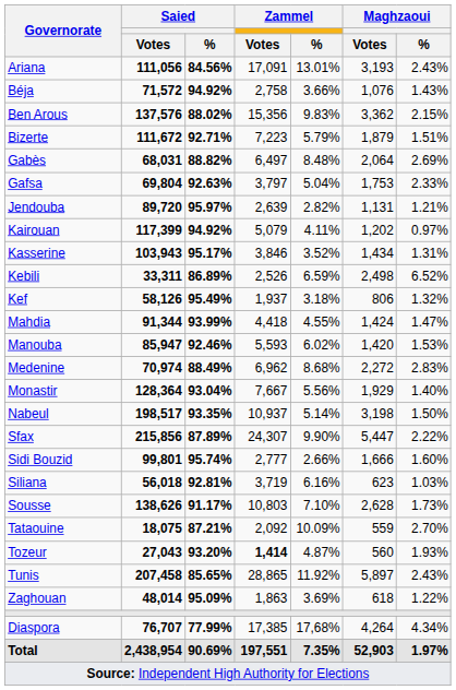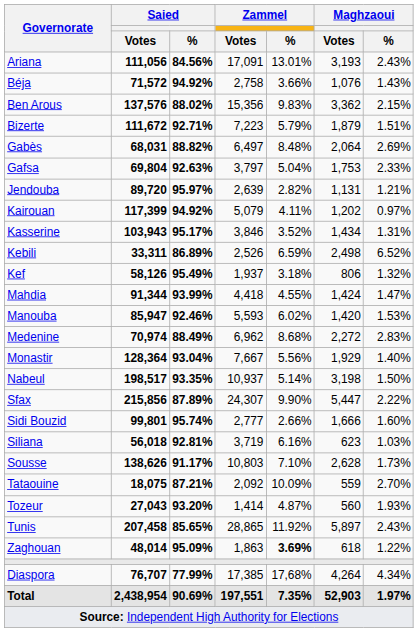 <table class="wikitable sortable" style="text-align:right; font-size:95%; line-height:20px">
 <tr>
 <th width="130" rowspan="3"><a href='#'>Governorate</a></th>
 <th width="120" colspan="2"><a href='#'>Saied</a></th>
 <th width="120" colspan="2"><a href='#'>Zammel</a></th>
 <th width="120" colspan="2"><a href='#'>Maghzaoui</a></th>
 </tr>
 <tr>
 <th colspan="2" style="background:"></th>
 <th colspan="2" style="background:#F8B415;"></th>
 <th colspan="2" style="background:"></th>
 </tr>
 <tr>
 <th>Votes</th>
 <th>%</th>
 <th>Votes</th>
 <th>%</th>
 <th>Votes</th>
 <th>%</th>
 </tr>
 <tr>
 <td style="text-align:left"><a href='#'>Ariana</a></td>
 <td><strong>111,056</strong></td>
 <td><strong>84.56%</strong></td>
 <td>17,091</td>
 <td>13.01%</td>
 <td>3,193</td>
 <td>2.43%</td>
 </tr>
 <tr>
 <td style="text-align:left"><a href='#'>Béja</a></td>
 <td><strong>71,572</strong></td>
 <td><strong>94.92%</strong></td>
 <td>2,758</td>
 <td>3.66%</td>
 <td>1,076</td>
 <td>1.43%</td>
 </tr>
 <tr>
 <td style="text-align:left"><a href='#'>Ben Arous</a></td>
 <td><strong>137,576</strong></td>
 <td><strong>88.02%</strong></td>
 <td>15,356</td>
 <td>9.83%</td>
 <td>3,362</td>
 <td>2.15%</td>
 </tr>
 <tr>
 <td style="text-align:left"><a href='#'>Bizerte</a></td>
 <td><strong>111,672</strong></td>
 <td><strong>92.71%</strong></td>
 <td>7,223</td>
 <td>5.79%</td>
 <td>1,879</td>
 <td>1.51%</td>
 </tr>
 <tr>
 <td style="text-align:left"><a href='#'>Gabès</a></td>
 <td><strong>68,031</strong></td>
 <td><strong>88.82%</strong></td>
 <td>6,497</td>
 <td>8.48%</td>
 <td>2,064</td>
 <td>2.69%</td>
 </tr>
 <tr>
 <td style="text-align:left"><a href='#'>Gafsa</a></td>
 <td><strong>69,804</strong></td>
 <td><strong>92.63%</strong></td>
 <td>3,797</td>
 <td>5.04%</td>
 <td>1,753</td>
 <td>2.33%</td>
 </tr>
 <tr>
 <td style="text-align:left"><a href='#'>Jendouba</a></td>
 <td><strong>89,720</strong></td>
 <td><strong>95.97%</strong></td>
 <td>2,639</td>
 <td>2.82%</td>
 <td>1,131</td>
 <td>1.21%</td>
 </tr>
 <tr>
 <td style="text-align:left"><a href='#'>Kairouan</a></td>
 <td><strong>117,399</strong></td>
 <td><strong>94.92%</strong></td>
 <td>5,079</td>
 <td>4.11%</td>
 <td>1,202</td>
 <td>0.97%</td>
 </tr>
 <tr>
 <td style="text-align:left"><a href='#'>Kasserine</a></td>
 <td><strong>103,943</strong></td>
 <td><strong>95.17%</strong></td>
 <td>3,846</td>
 <td>3.52%</td>
 <td>1,434</td>
 <td>1.31%</td>
 </tr>
 <tr>
 <td style="text-align:left"><a href='#'>Kebili</a></td>
 <td><strong>33,311</strong></td>
 <td><strong>86.89%</strong></td>
 <td>2,526</td>
 <td>6.59%</td>
 <td>2,498</td>
 <td>6.52%</td>
 </tr>
 <tr>
 <td style="text-align:left"><a href='#'>Kef</a></td>
 <td><strong>58,126</strong></td>
 <td><strong>95.49%</strong></td>
 <td>1,937</td>
 <td>3.18%</td>
 <td>806</td>
 <td>1.32%</td>
 </tr>
 <tr>
 <td style="text-align:left"><a href='#'>Mahdia</a></td>
 <td><strong>91,344</strong></td>
 <td><strong>93.99%</strong></td>
 <td>4,418</td>
 <td>4.55%</td>
 <td>1,424</td>
 <td>1.47%</td>
 </tr>
 <tr>
 <td style="text-align:left"><a href='#'>Manouba</a></td>
 <td><strong>85,947</strong></td>
 <td><strong>92.46%</strong></td>
 <td>5,593</td>
 <td>6.02%</td>
 <td>1,420</td>
 <td>1.53%</td>
 </tr>
 <tr>
 <td style="text-align:left"><a href='#'>Medenine</a></td>
 <td><strong>70,974</strong></td>
 <td><strong>88.49%</strong></td>
 <td>6,962</td>
 <td>8.68%</td>
 <td>2,272</td>
 <td>2.83%</td>
 </tr>
 <tr>
 <td style="text-align:left"><a href='#'>Monastir</a></td>
 <td><strong>128,364</strong></td>
 <td><strong>93.04%</strong></td>
 <td>7,667</td>
 <td>5.56%</td>
 <td>1,929</td>
 <td>1.40%</td>
 </tr>
 <tr>
 <td style="text-align:left"><a href='#'>Nabeul</a></td>
 <td><strong>198,517</strong></td>
 <td><strong>93.35%</strong></td>
 <td>10,937</td>
 <td>5.14%</td>
 <td>3,198</td>
 <td>1.50%</td>
 </tr>
 <tr>
 <td style="text-align:left"><a href='#'>Sfax</a></td>
 <td><strong>215,856</strong></td>
 <td><strong>87.89%</strong></td>
 <td>24,307</td>
 <td>9.90%</td>
 <td>5,447</td>
 <td>2.22%</td>
 </tr>
 <tr>
 <td style="text-align:left"><a href='#'>Sidi Bouzid</a></td>
 <td><strong>99,801</strong></td>
 <td><strong>95.74%</strong></td>
 <td>2,777</td>
 <td>2.66%</td>
 <td>1,666</td>
 <td>1.60%</td>
 </tr>
 <tr>
 <td style="text-align:left"><a href='#'>Siliana</a></td>
 <td><strong>56,018</strong></td>
 <td><strong>92.81%</strong></td>
 <td>3,719</td>
 <td>6.16%</td>
 <td>623</td>
 <td> 1.03%</td>
 </tr>
 <tr>
 <td style="text-align:left"><a href='#'>Sousse</a></td>
 <td><strong>138,626</strong></td>
 <td><strong>91.17%</strong></td>
 <td>10,803</td>
 <td>7.10%</td>
 <td>2,628</td>
 <td>1.73%</td>
 </tr>
 <tr>
 <td style="text-align:left"><a href='#'>Tataouine</a></td>
 <td><strong>18,075</strong></td>
 <td><strong>87.21%</strong></td>
 <td>2,092</td>
 <td>10.09%</td>
 <td>559</td>
 <td>2.70%</td>
 </tr>
 <tr>
 <td style="text-align:left"><a href='#'>Tozeur</a></td>
 <td><strong>27,043</strong></td>
 <td><strong>93.20%</strong></td>
-<td><strong>1,414</strong></td>
+<td>1,414</td>
 <td>4.87%</td>
 <td>560</td>
 <td>1.93%</td>
 </tr>
 <tr>
 <td style="text-align:left"><a href='#'>Tunis</a></td>
 <td><strong>207,458</strong></td>
 <td><strong>85.65%</strong></td>
 <td>28,865</td>
 <td>11.92%</td>
 <td>5,897</td>
 <td>2.43%</td>
 </tr>
 <tr>
 <td style="text-align:left"><a href='#'>Zaghouan</a></td>
 <td><strong>48,014</strong></td>
 <td><strong>95.09%</strong></td>
 <td>1,863</td>
-<td>3.69%</td>
+<td><strong>3.69%</strong></td>
 <td>618</td>
 <td>1.22%</td>
 </tr>
 <tr class="sortbottom">
 <td colspan="7" style="background:#E9E9E9;"></td>
 </tr>
 <tr>
 <td style="text-align:left"><a href='#'>Diaspora</a></td>
 <td><strong>76,707</strong></td>
 <td><strong>77.99%</strong></td>
 <td>17,385</td>
 <td>17,68%</td>
 <td>4,264</td>
 <td>4.34%</td>
 </tr>
 <tr class="sortbottom" style="font-weight:bold; background:#E4E4E4;">
 <td align="left">Total</td>
 <td><strong>2,438,954</strong></td>
 <td><strong>90.69%</strong></td>
 <td>197,551</td>
 <td>7.35%</td>
 <td>52,903</td>
 <td>1.97%</td>
 </tr>
 <tr class="sortbottom">
 <td colspan="7" style="text-align:center; background-color:#eaecf0"><strong>Source:</strong> <a href='#'>Independent High Authority for Elections</a></td>
 </tr>
 </table>
